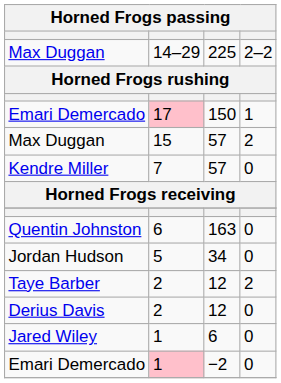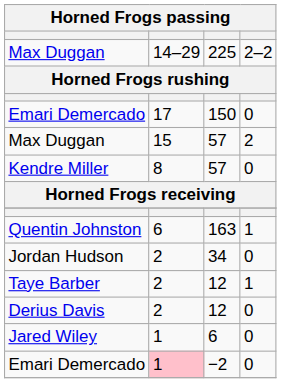 <table class="wikitable plainrowheaders">
 <tr>
 <th colspan="6">Horned Frogs passing</th>
 </tr>
 <tr>
 <th scope="col"></th>
 <th scope="col"></th>
 <th scope="col"></th>
 <th scope="col"></th>
 </tr>
 <tr>
 <td><a href='#'>Max Duggan</a></td>
 <td>14–29</td>
 <td>225</td>
 <td>2–2</td>
 </tr>
 <tr>
 <th colspan="6">Horned Frogs rushing</th>
 </tr>
 <tr>
 <th scope="col"></th>
 <th scope="col"></th>
 <th scope="col"></th>
 <th scope="col"></th>
 </tr>
 <tr>
 <td><a href='#'>Emari Demercado</a></td>
-<td style="background: pink;">17</td>
+<td>17</td>
 <td>150</td>
-<td>1</td>
+<td>0</td>
 </tr>
 <tr>
 <td>Max Duggan</td>
 <td>15</td>
 <td>57</td>
 <td>2</td>
 </tr>
 <tr>
 <td><a href='#'>Kendre Miller</a></td>
-<td>7</td>
+<td>8</td>
 <td>57</td>
 <td>0</td>
 </tr>
 <tr>
 <th colspan="6">Horned Frogs receiving</th>
 </tr>
 <tr>
 </tr>
 <tr>
 <th scope="col"></th>
 <th scope="col"></th>
 <th scope="col"></th>
 <th scope="col"></th>
 </tr>
 <tr>
 <td><a href='#'>Quentin Johnston</a></td>
 <td>6</td>
 <td>163</td>
-<td>0</td>
+<td>1</td>
 </tr>
 <tr>
 <td>Jordan Hudson</td>
-<td>5</td>
+<td>2</td>
 <td>34</td>
 <td>0</td>
 </tr>
 <tr>
 <td><a href='#'>Taye Barber</a></td>
 <td>2</td>
 <td>12</td>
-<td>2</td>
+<td>1</td>
 </tr>
 <tr>
 <td><a href='#'>Derius Davis</a></td>
 <td>2</td>
 <td>12</td>
 <td>0</td>
 </tr>
 <tr>
 <td><a href='#'>Jared Wiley</a></td>
 <td>1</td>
 <td>6</td>
 <td>0</td>
 </tr>
 <tr>
 <td>Emari Demercado</td>
 <td style="background: pink;">1</td>
 <td>−2</td>
 <td>0</td>
 </tr>
 <tr>
 </tr>
 </table>
